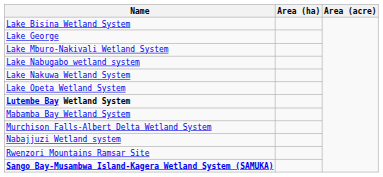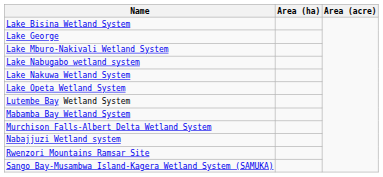 <table class="wikitable sortable">
 <tr>
 <th scope="col" align=left>Name</th>
 <th scope="col">Area (ha)</th>
 <th scope="col">Area (acre)</th>
 </tr>
 <tr ---->
 <td><a href='#'>Lake Bisina Wetland System</a></td>
 <td></td>
 </tr>
 <tr ---->
 <td><a href='#'>Lake George</a></td>
 <td></td>
 </tr>
 <tr ---->
 <td><a href='#'>Lake Mburo-Nakivali Wetland System</a></td>
 <td></td>
 </tr>
 <tr ---->
 <td><a href='#'>Lake Nabugabo wetland system</a></td>
 <td></td>
 </tr>
 <tr ---->
 <td><a href='#'>Lake Nakuwa Wetland System</a></td>
 <td></td>
 </tr>
 <tr ---->
 <td><a href='#'>Lake Opeta Wetland System</a></td>
 <td></td>
 </tr>
 <tr ---->
-<td><strong><a href='#'>Lutembe Bay</a> Wetland System</strong></td>
+<td><a href='#'>Lutembe Bay</a> Wetland System</td>
 <td></td>
 </tr>
 <tr ---->
 <td><a href='#'>Mabamba Bay Wetland System</a></td>
 <td></td>
 </tr>
 <tr ---->
 <td><a href='#'>Murchison Falls-Albert Delta Wetland System</a></td>
 <td></td>
 </tr>
 <tr ---->
 <td><a href='#'>Nabajjuzi Wetland system</a></td>
 <td></td>
 </tr>
 <tr ---->
 <td><a href='#'>Rwenzori Mountains Ramsar Site</a></td>
 <td></td>
 </tr>
 <tr ---->
-<td><strong><a href='#'>Sango Bay-Musambwa Island-Kagera Wetland System (SAMUKA)</a></strong></td>
+<td><a href='#'>Sango Bay-Musambwa Island-Kagera Wetland System (SAMUKA)</a></td>
 <td></td>
 </tr>
 </table>
